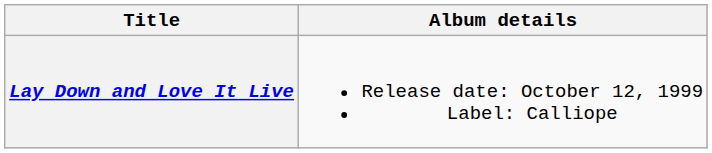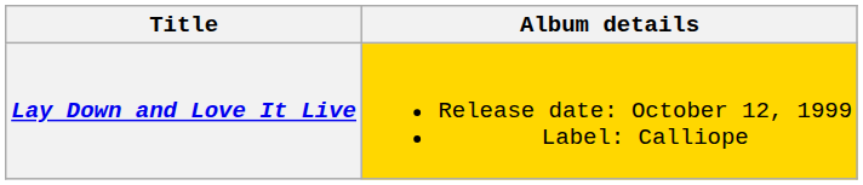 <table class="wikitable plainrowheaders" style="text-align:center;">
 <tr>
 <th>Title</th>
 <th>Album details</th>
 </tr>
 <tr>
 <th scope="row"><em><a href='#'>Lay Down and Love It Live</a></em></th>
-<td><br><ul><li>Release date: October 12, 1999</li><li>Label: Calliope</li></ul></td>
+<td style="background: gold;"><br><ul><li>Release date: October 12, 1999</li><li>Label: Calliope</li></ul></td>
 </tr>
 </table>
